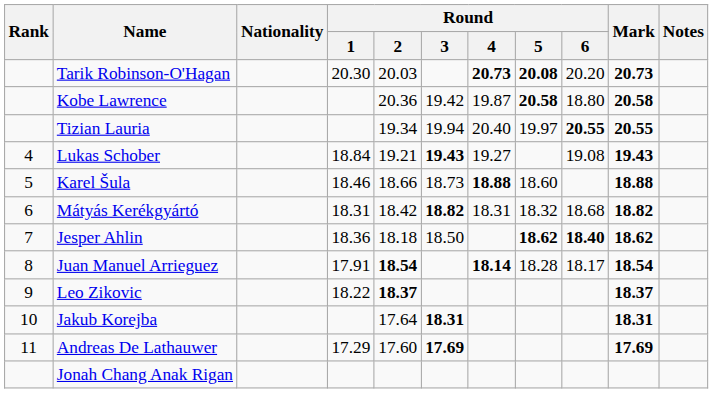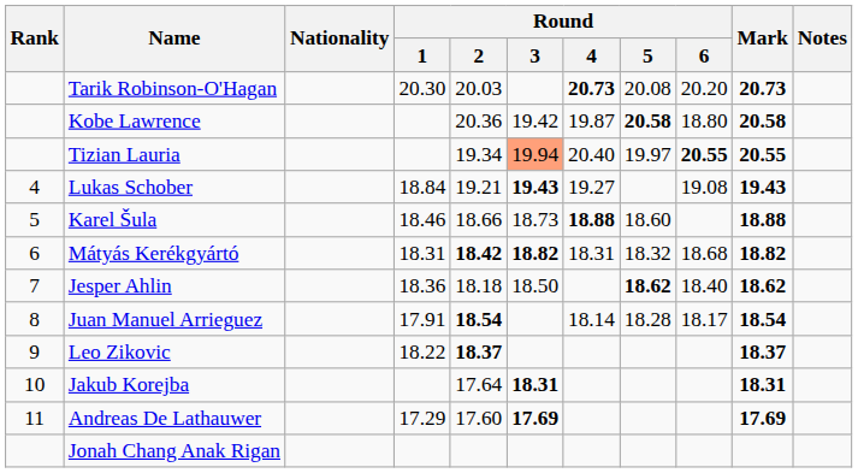 <table class="wikitable sortable" style="text-align:center">
 <tr>
 <th rowspan=2>Rank</th>
 <th rowspan=2>Name</th>
 <th rowspan=2>Nationality</th>
 <th colspan=6>Round</th>
 <th rowspan=2>Mark</th>
 <th rowspan=2>Notes</th>
 </tr>
 <tr>
 <th>1</th>
 <th>2</th>
 <th>3</th>
 <th>4</th>
 <th>5</th>
 <th>6</th>
 </tr>
 <tr>
 <td></td>
 <td align="left"><a href='#'>Tarik Robinson-O'Hagan</a></td>
 <td align="left"></td>
 <td>20.30</td>
 <td>20.03</td>
 <td></td>
 <td><strong>20.73</strong></td>
-<td><strong>20.08</strong></td>
+<td>20.08</td>
 <td>20.20</td>
 <td><strong>20.73</strong></td>
 <td></td>
 </tr>
 <tr>
 <td></td>
 <td align="left"><a href='#'>Kobe Lawrence</a></td>
 <td align="left"></td>
 <td></td>
 <td>20.36</td>
 <td>19.42</td>
 <td>19.87</td>
 <td><strong>20.58</strong></td>
 <td>18.80</td>
 <td><strong>20.58</strong></td>
 <td></td>
 </tr>
 <tr>
 <td></td>
 <td align="left"><a href='#'>Tizian Lauria</a></td>
 <td align="left"></td>
 <td></td>
 <td>19.34</td>
-<td>19.94</td>
+<td style="background: lightsalmon;">19.94</td>
 <td>20.40</td>
 <td>19.97</td>
 <td><strong>20.55</strong></td>
 <td><strong>20.55</strong></td>
 <td></td>
 </tr>
 <tr>
 <td>4</td>
 <td align="left"><a href='#'>Lukas Schober</a></td>
 <td align="left"></td>
 <td>18.84</td>
 <td>19.21</td>
 <td><strong>19.43</strong></td>
 <td>19.27</td>
 <td></td>
 <td>19.08</td>
 <td><strong>19.43</strong></td>
 <td></td>
 </tr>
 <tr>
 <td>5</td>
 <td align="left"><a href='#'>Karel Šula</a></td>
 <td align="left"></td>
 <td>18.46</td>
 <td>18.66</td>
 <td>18.73</td>
 <td><strong>18.88</strong></td>
 <td>18.60</td>
 <td></td>
 <td><strong>18.88</strong></td>
 <td></td>
 </tr>
 <tr>
 <td>6</td>
 <td align="left"><a href='#'>Mátyás Kerékgyártó</a></td>
 <td align="left"></td>
 <td>18.31</td>
-<td>18.42</td>
+<td><strong>18.42</strong></td>
 <td><strong>18.82</strong></td>
 <td>18.31</td>
 <td>18.32</td>
 <td>18.68</td>
 <td><strong>18.82</strong></td>
 <td></td>
 </tr>
 <tr>
 <td>7</td>
 <td align="left"><a href='#'>Jesper Ahlin</a></td>
 <td align="left"></td>
 <td>18.36</td>
 <td>18.18</td>
 <td>18.50</td>
 <td></td>
 <td><strong>18.62</strong></td>
-<td><strong>18.40</strong></td>
+<td>18.40</td>
 <td><strong>18.62</strong></td>
 <td></td>
 </tr>
 <tr>
 <td>8</td>
 <td align="left"><a href='#'>Juan Manuel Arrieguez</a></td>
 <td align="left"></td>
 <td>17.91</td>
 <td><strong>18.54</strong></td>
 <td></td>
-<td><strong>18.14</strong></td>
+<td>18.14</td>
 <td>18.28</td>
 <td>18.17</td>
 <td><strong>18.54</strong></td>
 <td></td>
 </tr>
 <tr>
 <td>9</td>
 <td align="left"><a href='#'>Leo Zikovic</a></td>
 <td align="left"></td>
 <td>18.22</td>
 <td><strong>18.37</strong></td>
 <td></td>
 <td></td>
 <td></td>
 <td></td>
 <td><strong>18.37</strong></td>
 <td></td>
 </tr>
 <tr>
 <td>10</td>
 <td align="left"><a href='#'>Jakub Korejba</a></td>
 <td align="left"></td>
 <td></td>
 <td>17.64</td>
 <td><strong>18.31</strong></td>
 <td></td>
 <td></td>
 <td></td>
 <td><strong>18.31</strong></td>
 <td></td>
 </tr>
 <tr>
 <td>11</td>
 <td align="left"><a href='#'>Andreas De Lathauwer</a></td>
 <td align="left"></td>
 <td>17.29</td>
 <td>17.60</td>
 <td><strong>17.69</strong></td>
 <td></td>
 <td></td>
 <td></td>
 <td><strong>17.69</strong></td>
 <td></td>
 </tr>
 <tr>
 <td></td>
 <td align="left"><a href='#'>Jonah Chang Anak Rigan</a></td>
 <td align="left"></td>
 <td></td>
 <td></td>
 <td></td>
 <td></td>
 <td></td>
 <td></td>
 <td><strong></strong></td>
 <td></td>
 </tr>
 </table>
